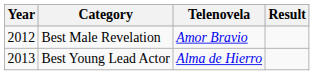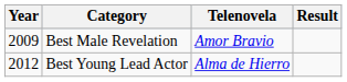 <table class="wikitable">
 <tr style="background:#b0c4de;">
 <th>Year</th>
 <th>Category</th>
 <th>Telenovela</th>
 <th>Result</th>
 </tr>
 <tr>
-<td>2012</td>
+<td>2009</td>
 <td>Best Male Revelation</td>
 <td><em><a href='#'>Amor Bravio</a></em></td>
 <td></td>
 </tr>
 <tr>
-<td>2013</td>
+<td>2012</td>
 <td>Best Young Lead Actor</td>
 <td><em><a href='#'>Alma de Hierro</a></em></td>
 <td></td>
 </tr>
 </table>
